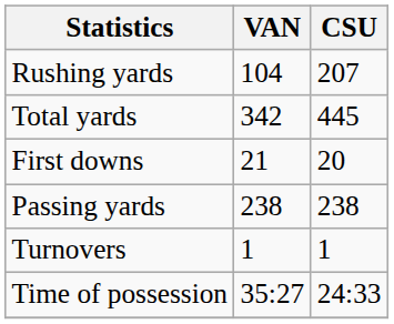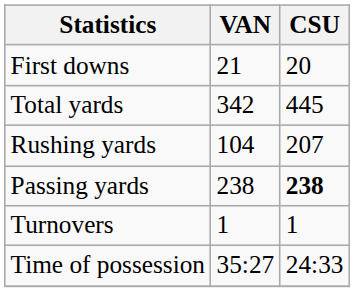 <table class="wikitable" style="float: left;">
 <tr>
 <th>Statistics</th>
 <th>VAN</th>
 <th>CSU</th>
 </tr>
 <tr>
-<td>Rushing yards</td>
-<td>104</td>
-<td>207</td>
+<td>First downs</td>
+<td>21</td>
+<td>20</td>
 </tr>
 <tr>
 <td>Total yards</td>
 <td>342</td>
 <td>445</td>
 </tr>
 <tr>
-<td>First downs</td>
-<td>21</td>
-<td>20</td>
+<td>Rushing yards</td>
+<td>104</td>
+<td>207</td>
 </tr>
 <tr>
 <td>Passing yards</td>
 <td>238</td>
-<td>238</td>
+<td><strong>238</strong></td>
 </tr>
 <tr>
 <td>Turnovers</td>
 <td>1</td>
 <td>1</td>
 </tr>
 <tr>
 <td>Time of possession</td>
 <td>35:27</td>
 <td>24:33</td>
 </tr>
 <tr>
 </tr>
 </table>
